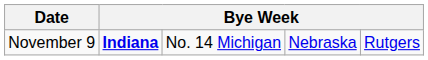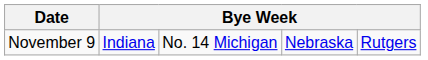 <table class="wikitable" style="font-size:95%;">
 <tr>
 <th>Date</th>
 <th colspan="4">Bye Week</th>
 </tr>
 <tr>
 <td>November 9</td>
-<td><strong><a href='#'>Indiana</a></strong></td>
+<td><a href='#'>Indiana</a></td>
 <td>No. 14 <a href='#'>Michigan</a></td>
 <td><a href='#'>Nebraska</a></td>
 <td><a href='#'>Rutgers</a></td>
 </tr>
 </table>
